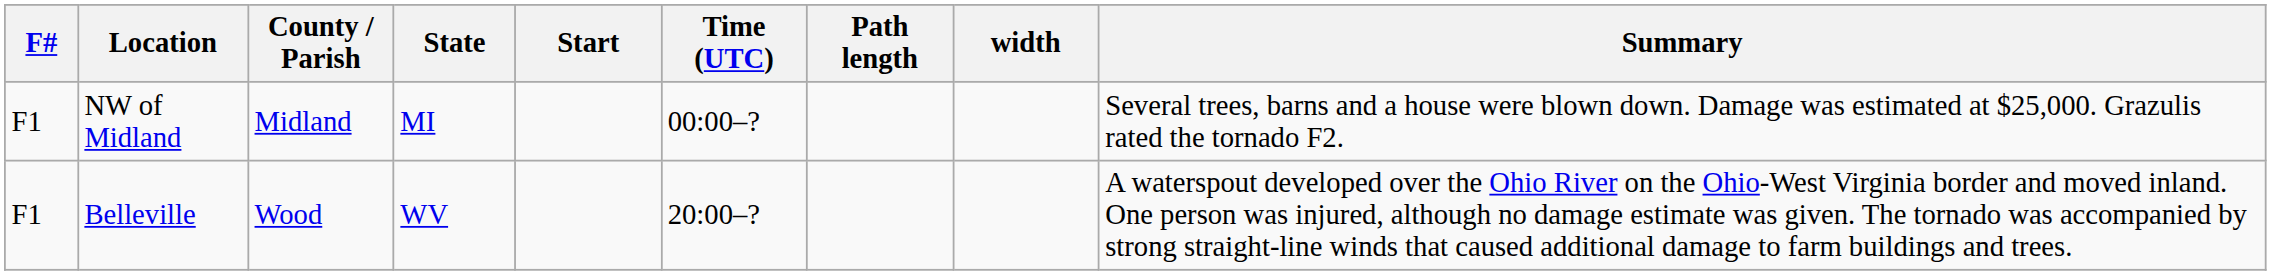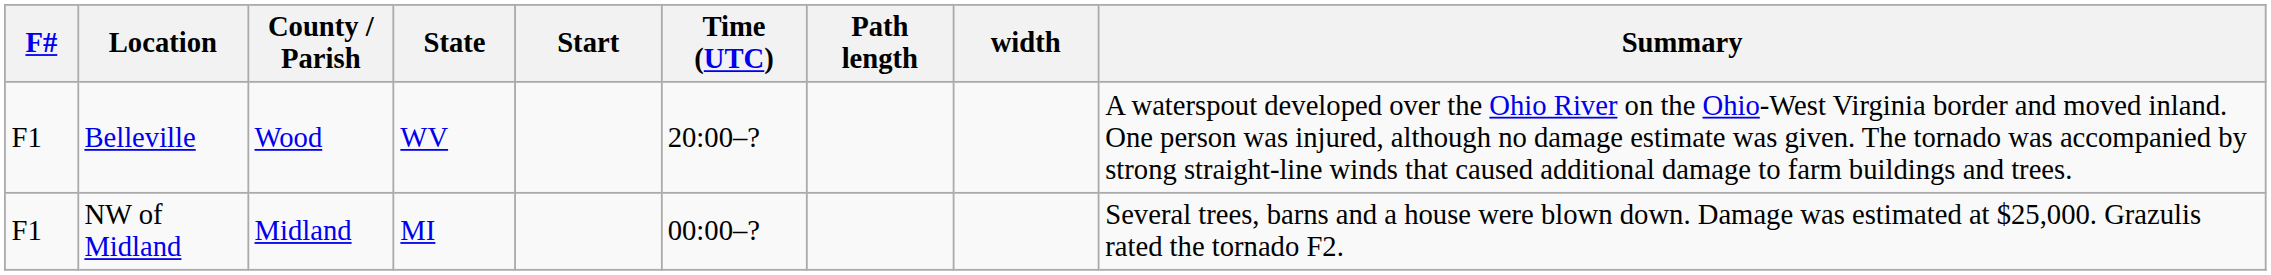 <table class="wikitable sortable" style="width:100%;">
 <tr>
 <th scope="col"  style="width:3%; text-align:center;"><a href='#'>F#</a></th>
 <th scope="col"  style="width:7%; text-align:center;" class="unsortable">Location</th>
 <th scope="col"  style="width:6%; text-align:center;" class="unsortable">County / Parish</th>
 <th scope="col"  style="width:5%; text-align:center;">State</th>
 <th scope="col"  style="width:6%; text-align:center;">Start<br></th>
 <th scope="col"  style="width:6%; text-align:center;">Time (<a href='#'>UTC</a>)</th>
 <th scope="col"  style="width:6%; text-align:center;">Path length</th>
 <th scope="col"  style="width:6%; text-align:center;"> width</th>
 <th scope="col" class="unsortable" style="width:48%; text-align:center;">Summary</th>
 </tr>
 <tr>
 <td>F1</td>
+<td><a href='#'>Belleville</a></td>
+<td><a href='#'>Wood</a></td>
+<td><a href='#'>WV</a></td>
+<td></td>
+<td>20:00–?</td>
+<td></td>
+<td></td>
+<td>A waterspout developed over the <a href='#'>Ohio River</a> on the <a href='#'>Ohio</a>-West Virginia border and moved inland. One person was injured, although no damage estimate was given. The tornado was accompanied by strong straight-line winds that caused additional damage to farm buildings and trees.</td>
+</tr>
+<tr>
+<td>F1</td>
 <td>NW of <a href='#'>Midland</a></td>
 <td><a href='#'>Midland</a></td>
 <td><a href='#'>MI</a></td>
 <td></td>
 <td>00:00–?</td>
 <td></td>
 <td></td>
 <td>Several trees, barns and a house were blown down. Damage was estimated at $25,000. Grazulis rated the tornado F2.</td>
 </tr>
-<tr>
-<td>F1</td>
-<td><a href='#'>Belleville</a></td>
-<td><a href='#'>Wood</a></td>
-<td><a href='#'>WV</a></td>
-<td></td>
-<td>20:00–?</td>
-<td></td>
-<td></td>
-<td>A waterspout developed over the <a href='#'>Ohio River</a> on the <a href='#'>Ohio</a>-West Virginia border and moved inland. One person was injured, although no damage estimate was given. The tornado was accompanied by strong straight-line winds that caused additional damage to farm buildings and trees.</td>
-</tr>
 </table>
